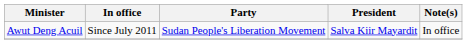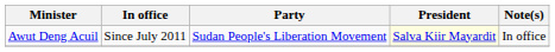 <table class="wikitable">
 <tr>
 <th>Minister</th>
 <th>In office</th>
 <th>Party</th>
 <th>President</th>
 <th>Note(s)</th>
 </tr>
 <tr>
 <td><a href='#'>Awut Deng Acuil</a></td>
 <td>Since July 2011</td>
 <td><a href='#'>Sudan People's Liberation Movement</a></td>
-<td><a href='#'>Salva Kiir Mayardit</a></td>
+<td style="background: lightyellow;"><a href='#'>Salva Kiir Mayardit</a></td>
 <td>In office</td>
 </tr>
 <tr>
 </tr>
 </table>
